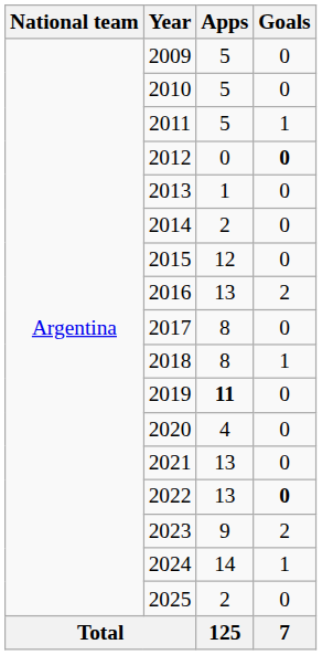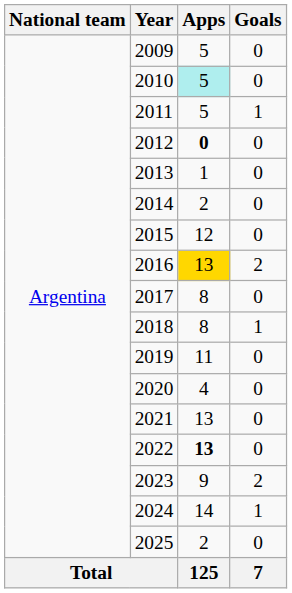 <table class="wikitable" style="text-align:center">
 <tr>
 <th>National team</th>
 <th>Year</th>
 <th>Apps</th>
 <th>Goals</th>
 </tr>
 <tr>
 <td rowspan="17"><a href='#'>Argentina</a></td>
 <td>2009</td>
 <td>5</td>
 <td>0</td>
 </tr>
 <tr>
 <td>2010</td>
-<td>5</td>
+<td style="background: paleturquoise;">5</td>
 <td>0</td>
 </tr>
 <tr>
 <td>2011</td>
 <td>5</td>
 <td>1</td>
 </tr>
 <tr>
 <td>2012</td>
+<td><strong>0</strong></td>
 <td>0</td>
-<td><strong>0</strong></td>
 </tr>
 <tr>
 <td>2013</td>
 <td>1</td>
 <td>0</td>
 </tr>
 <tr>
 <td>2014</td>
 <td>2</td>
 <td>0</td>
 </tr>
 <tr>
 <td>2015</td>
 <td>12</td>
 <td>0</td>
 </tr>
 <tr>
 <td>2016</td>
-<td>13</td>
+<td style="background: gold;">13</td>
 <td>2</td>
 </tr>
 <tr>
 <td>2017</td>
 <td>8</td>
 <td>0</td>
 </tr>
 <tr>
 <td>2018</td>
 <td>8</td>
 <td>1</td>
 </tr>
 <tr>
 <td>2019</td>
-<td><strong>11</strong></td>
+<td>11</td>
 <td>0</td>
 </tr>
 <tr>
 <td>2020</td>
 <td>4</td>
 <td>0</td>
 </tr>
 <tr>
 <td>2021</td>
 <td>13</td>
 <td>0</td>
 </tr>
 <tr>
 <td>2022</td>
-<td>13</td>
-<td><strong>0</strong></td>
+<td><strong>13</strong></td>
+<td>0</td>
 </tr>
 <tr>
 <td>2023</td>
 <td>9</td>
 <td>2</td>
 </tr>
 <tr>
 <td>2024</td>
 <td>14</td>
 <td>1</td>
 </tr>
 <tr>
 <td>2025</td>
 <td>2</td>
 <td>0</td>
 </tr>
 <tr>
 <th colspan="2">Total</th>
 <th>125</th>
 <th>7</th>
 </tr>
 </table>
